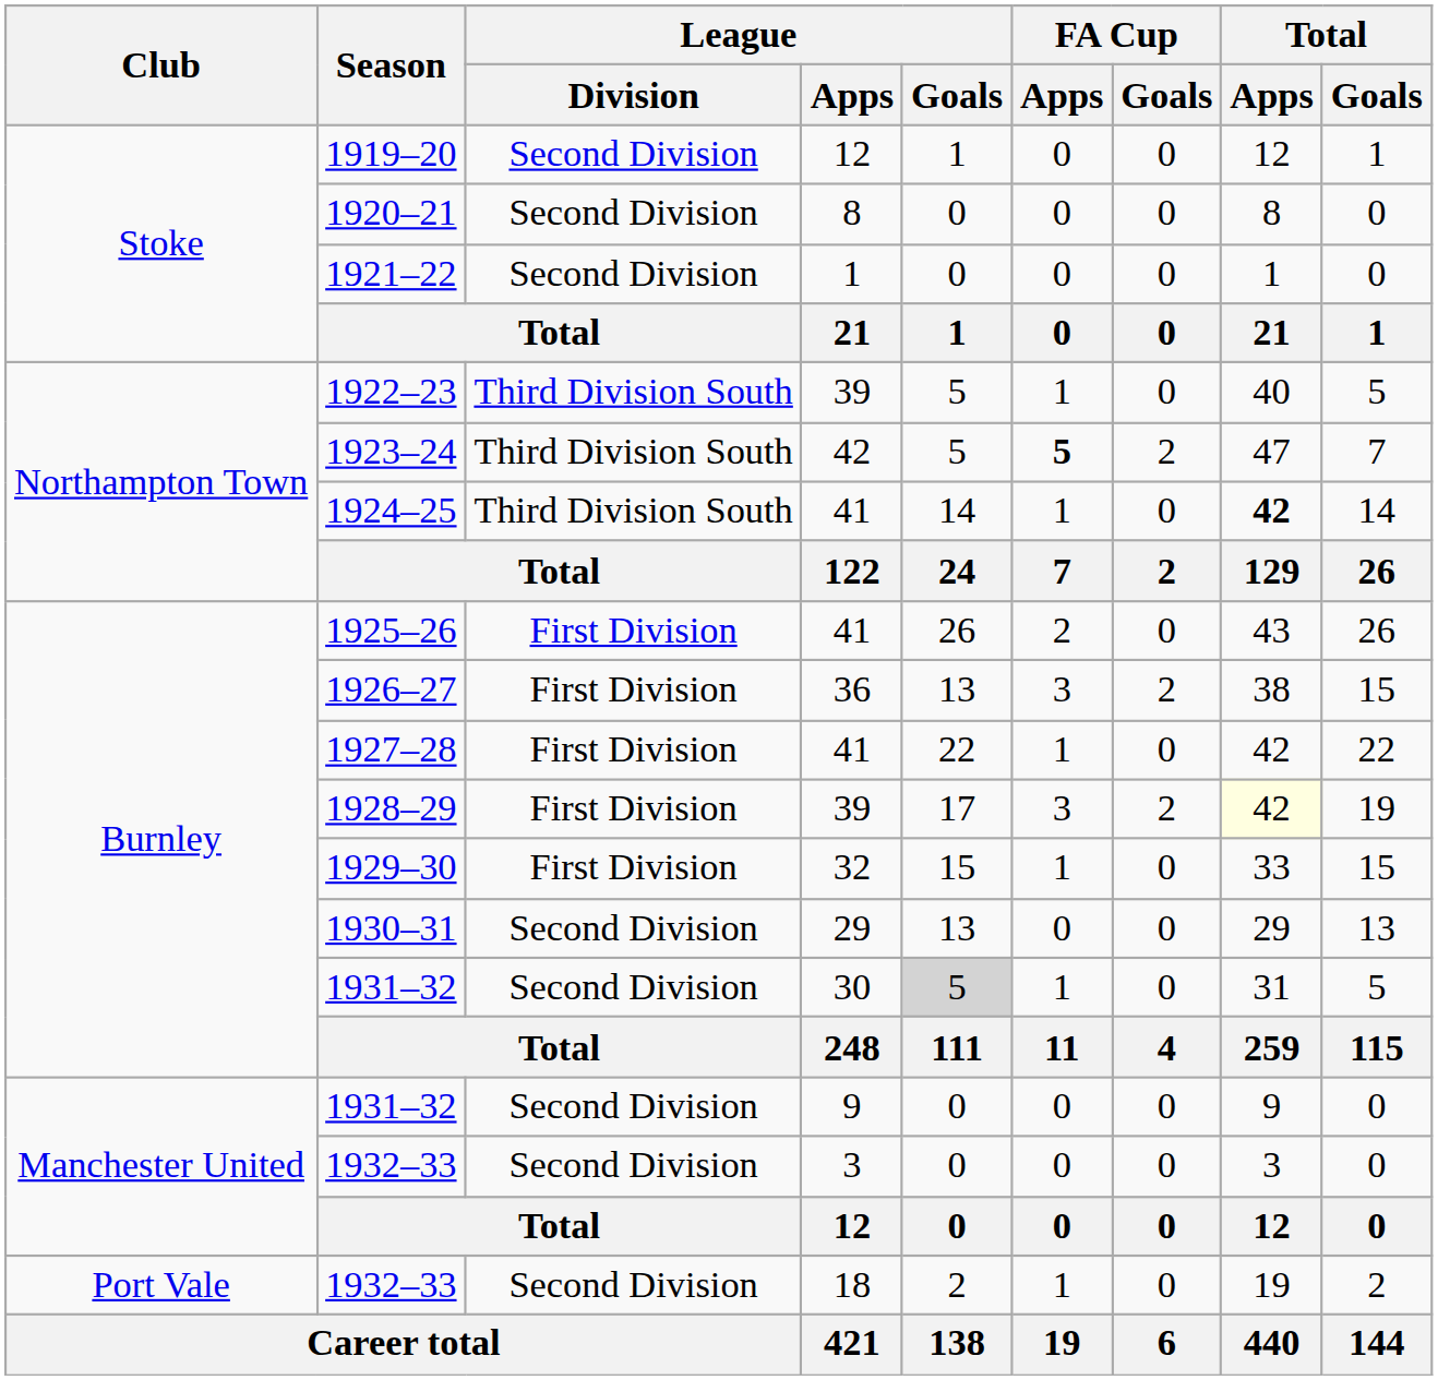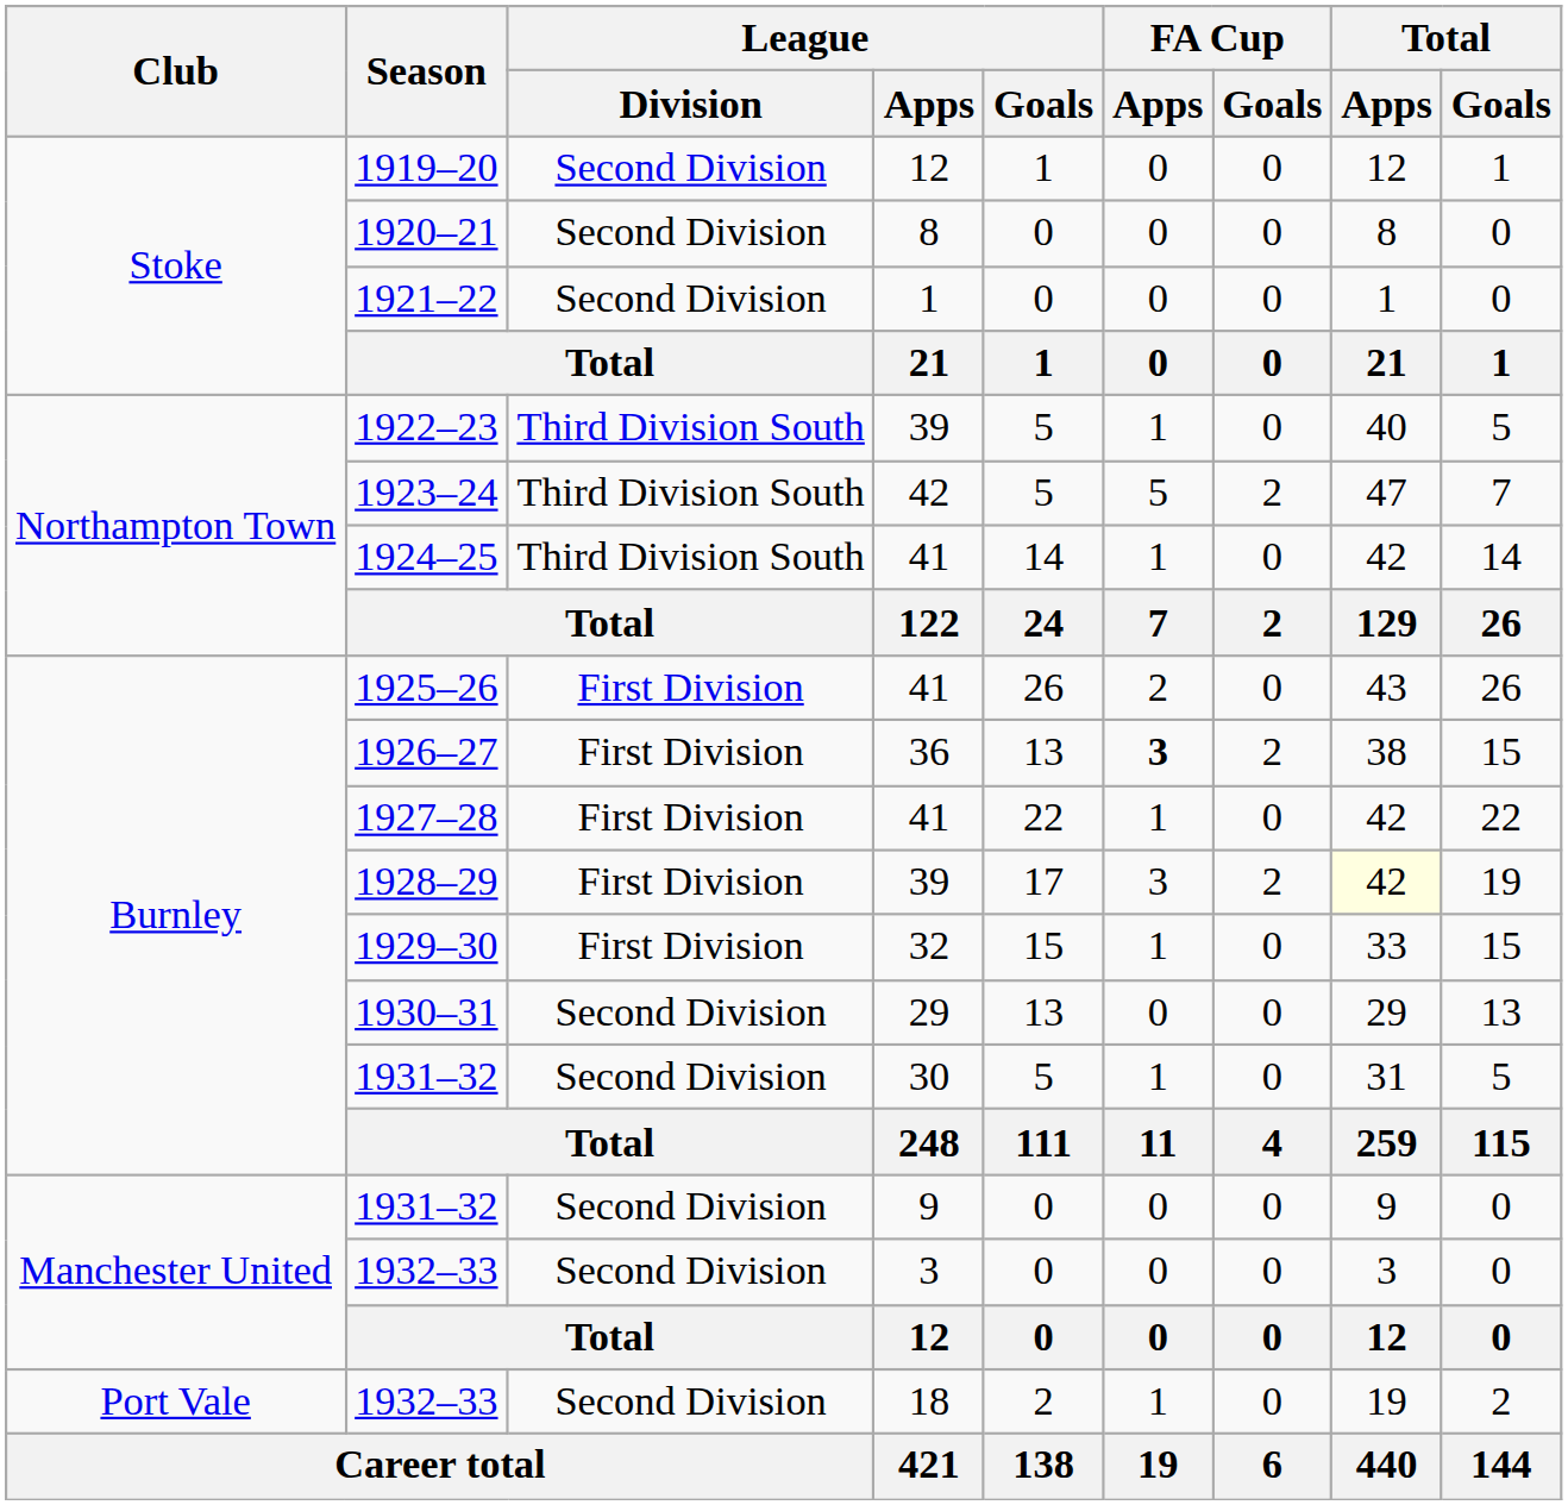 <table class="wikitable" style="text-align:center">
 <tr>
 <th rowspan="2">Club</th>
 <th rowspan="2">Season</th>
 <th colspan="3">League</th>
 <th colspan="2">FA Cup</th>
 <th colspan="2">Total</th>
 </tr>
 <tr>
 <th>Division</th>
 <th>Apps</th>
 <th>Goals</th>
 <th>Apps</th>
 <th>Goals</th>
 <th>Apps</th>
 <th>Goals</th>
 </tr>
 <tr>
 <td rowspan="4"><a href='#'>Stoke</a></td>
 <td><a href='#'>1919–20</a></td>
 <td><a href='#'>Second Division</a></td>
 <td>12</td>
 <td>1</td>
 <td>0</td>
 <td>0</td>
 <td>12</td>
 <td>1</td>
 </tr>
 <tr>
 <td><a href='#'>1920–21</a></td>
 <td>Second Division</td>
 <td>8</td>
 <td>0</td>
 <td>0</td>
 <td>0</td>
 <td>8</td>
 <td>0</td>
 </tr>
 <tr>
 <td><a href='#'>1921–22</a></td>
 <td>Second Division</td>
 <td>1</td>
 <td>0</td>
 <td>0</td>
 <td>0</td>
 <td>1</td>
 <td>0</td>
 </tr>
 <tr>
 <th colspan="2">Total</th>
 <th>21</th>
 <th>1</th>
 <th>0</th>
 <th>0</th>
 <th>21</th>
 <th>1</th>
 </tr>
 <tr>
 <td rowspan="4"><a href='#'>Northampton Town</a></td>
 <td><a href='#'>1922–23</a></td>
 <td><a href='#'>Third Division South</a></td>
 <td>39</td>
 <td>5</td>
 <td>1</td>
 <td>0</td>
 <td>40</td>
 <td>5</td>
 </tr>
 <tr>
 <td><a href='#'>1923–24</a></td>
 <td>Third Division South</td>
 <td>42</td>
 <td>5</td>
-<td><strong>5</strong></td>
+<td>5</td>
 <td>2</td>
 <td>47</td>
 <td>7</td>
 </tr>
 <tr>
 <td><a href='#'>1924–25</a></td>
 <td>Third Division South</td>
 <td>41</td>
 <td>14</td>
 <td>1</td>
 <td>0</td>
-<td><strong>42</strong></td>
+<td>42</td>
 <td>14</td>
 </tr>
 <tr>
 <th colspan="2">Total</th>
 <th>122</th>
 <th>24</th>
 <th>7</th>
 <th>2</th>
 <th>129</th>
 <th>26</th>
 </tr>
 <tr>
 <td rowspan="8"><a href='#'>Burnley</a></td>
 <td><a href='#'>1925–26</a></td>
 <td><a href='#'>First Division</a></td>
 <td>41</td>
 <td>26</td>
 <td>2</td>
 <td>0</td>
 <td>43</td>
 <td>26</td>
 </tr>
 <tr>
 <td><a href='#'>1926–27</a></td>
 <td>First Division</td>
 <td>36</td>
 <td>13</td>
-<td>3</td>
+<td><strong>3</strong></td>
 <td>2</td>
 <td>38</td>
 <td>15</td>
 </tr>
 <tr>
 <td><a href='#'>1927–28</a></td>
 <td>First Division</td>
 <td>41</td>
 <td>22</td>
 <td>1</td>
 <td>0</td>
 <td>42</td>
 <td>22</td>
 </tr>
 <tr>
 <td><a href='#'>1928–29</a></td>
 <td>First Division</td>
 <td>39</td>
 <td>17</td>
 <td>3</td>
 <td>2</td>
 <td style="background: lightyellow;">42</td>
 <td>19</td>
 </tr>
 <tr>
 <td><a href='#'>1929–30</a></td>
 <td>First Division</td>
 <td>32</td>
 <td>15</td>
 <td>1</td>
 <td>0</td>
 <td>33</td>
 <td>15</td>
 </tr>
 <tr>
 <td><a href='#'>1930–31</a></td>
 <td>Second Division</td>
 <td>29</td>
 <td>13</td>
 <td>0</td>
 <td>0</td>
 <td>29</td>
 <td>13</td>
 </tr>
 <tr>
 <td><a href='#'>1931–32</a></td>
 <td>Second Division</td>
 <td>30</td>
-<td style="background: lightgrey;">5</td>
+<td>5</td>
 <td>1</td>
 <td>0</td>
 <td>31</td>
 <td>5</td>
 </tr>
 <tr>
 <th colspan="2">Total</th>
 <th>248</th>
 <th>111</th>
 <th>11</th>
 <th>4</th>
 <th>259</th>
 <th>115</th>
 </tr>
 <tr>
 <td rowspan="3"><a href='#'>Manchester United</a></td>
 <td><a href='#'>1931–32</a></td>
 <td>Second Division</td>
 <td>9</td>
 <td>0</td>
 <td>0</td>
 <td>0</td>
 <td>9</td>
 <td>0</td>
 </tr>
 <tr>
 <td><a href='#'>1932–33</a></td>
 <td>Second Division</td>
 <td>3</td>
 <td>0</td>
 <td>0</td>
 <td>0</td>
 <td>3</td>
 <td>0</td>
 </tr>
 <tr>
 <th colspan="2">Total</th>
 <th>12</th>
 <th>0</th>
 <th>0</th>
 <th>0</th>
 <th>12</th>
 <th>0</th>
 </tr>
 <tr>
 <td><a href='#'>Port Vale</a></td>
 <td><a href='#'>1932–33</a></td>
 <td>Second Division</td>
 <td>18</td>
 <td>2</td>
 <td>1</td>
 <td>0</td>
 <td>19</td>
 <td>2</td>
 </tr>
 <tr>
 <th colspan="3">Career total</th>
 <th>421</th>
 <th>138</th>
 <th>19</th>
 <th>6</th>
 <th>440</th>
 <th>144</th>
 </tr>
 </table>
